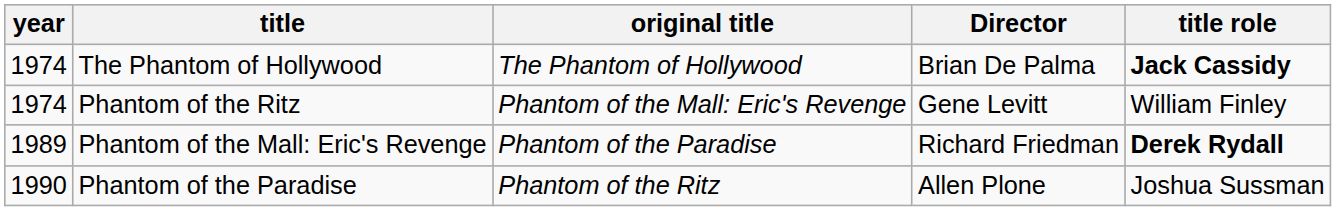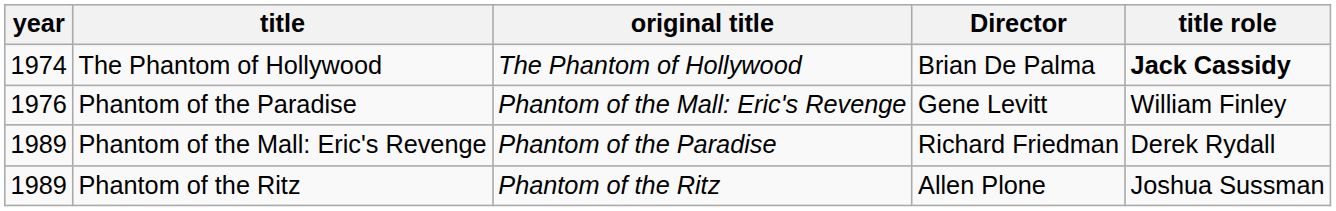 <table class="wikitable">
 <tr>
 <th>year</th>
 <th>title</th>
 <th>original title</th>
 <th>Director</th>
 <th>title role</th>
 </tr>
 <tr>
 <td>1974</td>
 <td>The Phantom of Hollywood</td>
 <td><em>The Phantom of Hollywood</em></td>
 <td>Brian De Palma</td>
 <td><strong>Jack Cassidy</strong></td>
 </tr>
 <tr>
-<td>1974</td>
-<td>Phantom of the Ritz</td>
+<td>1976</td>
+<td>Phantom of the Paradise</td>
 <td><em>Phantom of the Mall: Eric's Revenge</em></td>
 <td>Gene Levitt</td>
 <td>William Finley</td>
 </tr>
 <tr>
 <td>1989</td>
 <td>Phantom of the Mall: Eric's Revenge</td>
 <td><em>Phantom of the Paradise</em></td>
 <td>Richard Friedman</td>
-<td><strong>Derek Rydall</strong></td>
+<td>Derek Rydall</td>
 </tr>
 <tr>
-<td>1990</td>
-<td>Phantom of the Paradise</td>
+<td>1989</td>
+<td>Phantom of the Ritz</td>
 <td><em>Phantom of the Ritz</em></td>
 <td>Allen Plone</td>
 <td>Joshua Sussman</td>
 </tr>
 </table>
